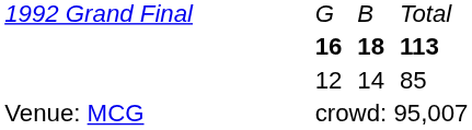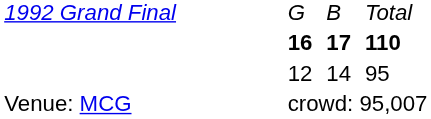 <table style="margin-right:4px; margin-top:8px; float:left; border:1px No.">
 <tr>
 <td width=200><em><a href='#'>1992 Grand Final</a></em></td>
 <td><em>G</em></td>
 <td><em>B</em></td>
 <td><em>Total</em></td>
 </tr>
 <tr>
 <td style="text-align:left"></td>
 <td><strong>16</strong></td>
-<td><strong>18</strong></td>
-<td><strong>113</strong></td>
+<td><strong>17</strong></td>
+<td><strong>110</strong></td>
 </tr>
 <tr>
 <td style="text-align:left"></td>
 <td>12</td>
 <td>14</td>
-<td>85</td>
+<td>95</td>
 </tr>
 <tr>
 <td>Venue: <a href='#'>MCG</a></td>
 <td colspan=3>crowd: 95,007</td>
 </tr>
 </table>
